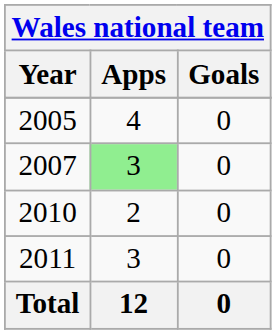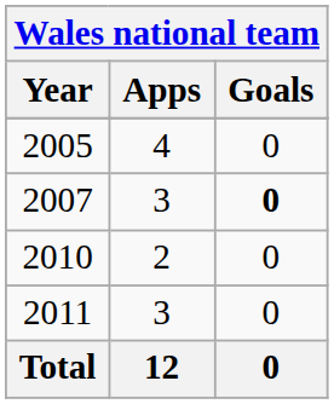 <table class="wikitable" style="text-align:center">
 <tr>
 <th colspan=3><a href='#'>Wales national team</a></th>
 </tr>
 <tr>
 <th>Year</th>
 <th>Apps</th>
 <th>Goals</th>
 </tr>
 <tr>
 </tr>
 <tr>
 <td>2005</td>
 <td>4</td>
 <td>0</td>
 </tr>
 <tr>
 <td>2007</td>
-<td style="background: lightgreen;">3</td>
-<td>0</td>
+<td>3</td>
+<td><strong>0</strong></td>
 </tr>
 <tr>
 <td>2010</td>
 <td>2</td>
 <td>0</td>
 </tr>
 <tr>
 <td>2011</td>
 <td>3</td>
 <td>0</td>
 </tr>
 <tr>
 <th>Total</th>
 <th>12</th>
 <th>0</th>
 </tr>
 </table>
